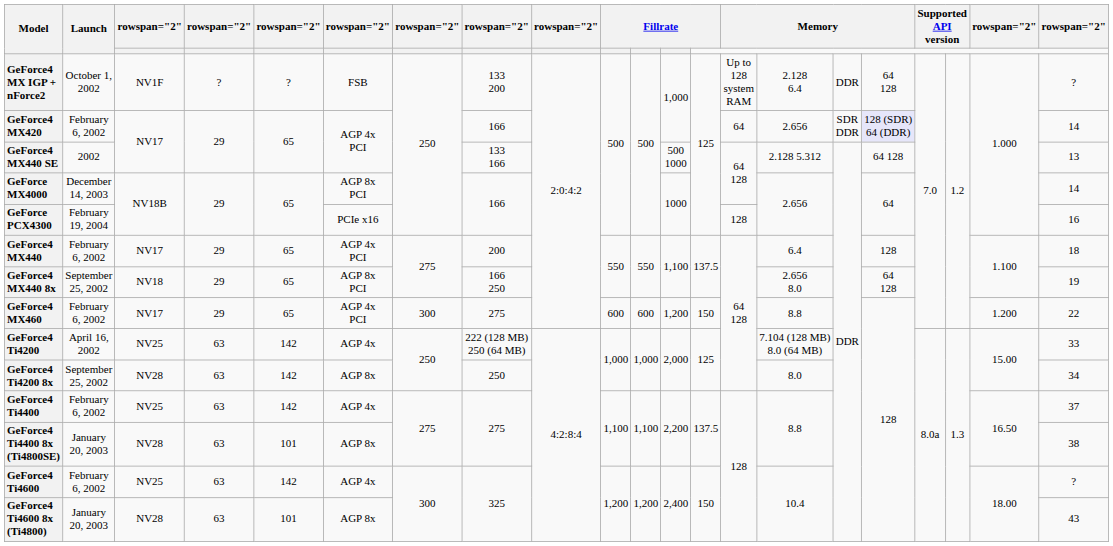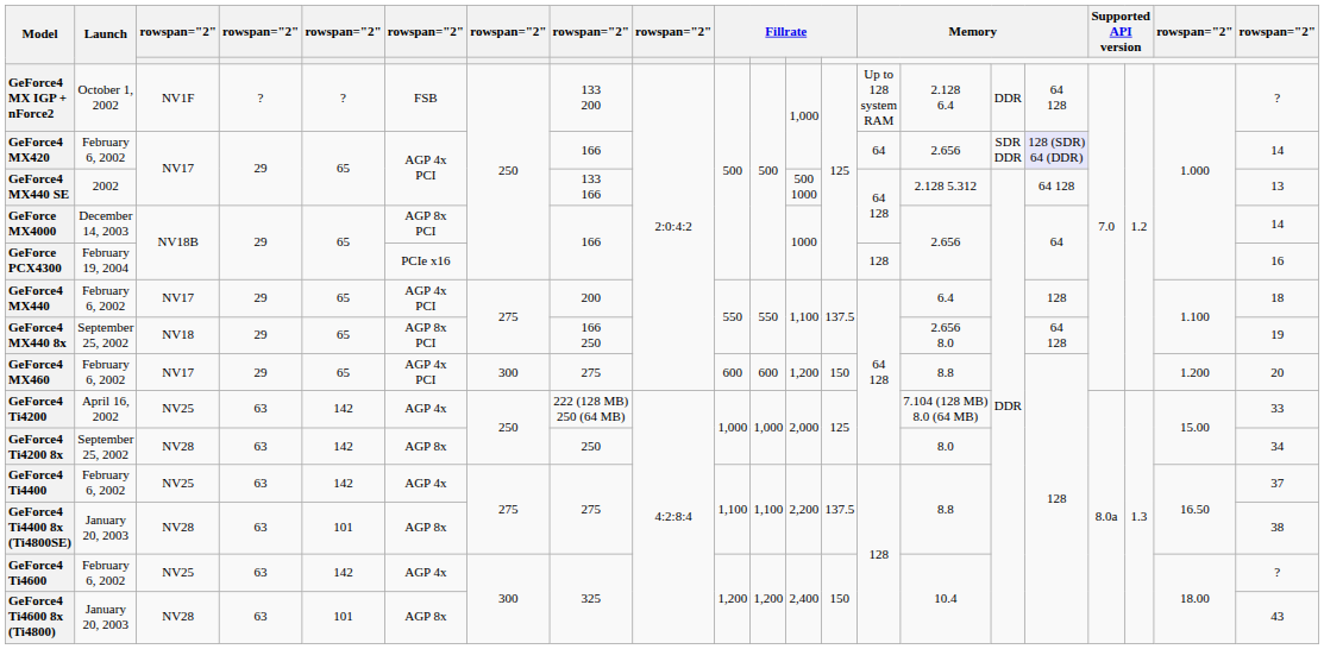 <table class="mw-datatable wikitable sortable" style="font-size:85%; text-align:center;">
 <tr>
 <th rowspan="2">Model</th>
 <th rowspan="2">Launch</th>
 <th>rowspan="2" </th>
 <th>rowspan="2" </th>
 <th>rowspan="2" </th>
 <th>rowspan="2" </th>
 <th>rowspan="2" </th>
 <th>rowspan="2" </th>
 <th>rowspan="2" </th>
 <th colspan="4"><a href='#'>Fillrate</a></th>
 <th colspan="4">Memory</th>
 <th colspan="2">Supported <a href='#'>API</a> version</th>
 <th>rowspan="2" </th>
 <th>rowspan="2" </th>
 </tr>
 <tr>
 <th></th>
 <th></th>
 <th></th>
 <th></th>
 <th></th>
 <th></th>
 <th></th>
 <th></th>
 <th></th>
 <th></th>
 </tr>
 <tr>
 <th style="text-align:left">GeForce4 MX IGP + nForce2</th>
 <td>October 1, 2002</td>
 <td>NV1F</td>
 <td>?</td>
 <td>?</td>
 <td>FSB</td>
 <td rowspan="5">250</td>
 <td>133<br>200</td>
 <td rowspan="8">2:0:4:2</td>
 <td rowspan="5">500</td>
 <td rowspan="5">500</td>
 <td rowspan="2">1,000</td>
 <td rowspan="5">125</td>
 <td>Up to 128 system RAM</td>
 <td>2.128<br>6.4</td>
 <td>DDR</td>
 <td>64<br>128</td>
 <td rowspan="8">7.0</td>
 <td rowspan="8">1.2</td>
 <td rowspan="5">1.000</td>
 <td>?</td>
 </tr>
 <tr>
 <th style="text-align:left">GeForce4 MX420</th>
 <td>February 6, 2002</td>
 <td rowspan="2">NV17</td>
 <td rowspan="2">29</td>
 <td rowspan="2">65</td>
 <td rowspan="2">AGP 4x<br>PCI</td>
 <td>166</td>
 <td>64</td>
 <td>2.656</td>
 <td>SDR<br>DDR</td>
 <td style="background: lavender;">128 (SDR)<br>64 (DDR)</td>
 <td>14</td>
 </tr>
 <tr>
 <th style="text-align:left">GeForce4 MX440 SE</th>
 <td>2002</td>
 <td>133<br>166</td>
 <td>500<br>1000</td>
 <td rowspan="2">64<br>128</td>
 <td>2.128 5.312</td>
 <td rowspan="12">DDR</td>
 <td>64 128</td>
 <td>13</td>
 </tr>
 <tr>
 <th style="text-align:left">GeForce MX4000</th>
 <td>December 14, 2003</td>
 <td rowspan="2">NV18B</td>
 <td rowspan="2">29</td>
 <td rowspan="2">65</td>
 <td>AGP 8x<br>PCI</td>
 <td rowspan="2">166</td>
 <td rowspan="2">1000</td>
 <td rowspan="2">2.656</td>
 <td rowspan="2">64</td>
 <td>14</td>
 </tr>
 <tr>
 <th style="text-align:left">GeForce PCX4300</th>
 <td>February 19, 2004</td>
 <td>PCIe x16</td>
 <td>128</td>
 <td>16</td>
 </tr>
 <tr>
 <th style="text-align:left">GeForce4 MX440</th>
 <td>February 6, 2002</td>
 <td>NV17</td>
 <td>29</td>
 <td>65</td>
 <td>AGP 4x<br>PCI</td>
 <td rowspan="2">275</td>
 <td>200</td>
 <td rowspan="2">550</td>
 <td rowspan="2">550</td>
 <td rowspan="2">1,100</td>
 <td rowspan="2">137.5</td>
 <td rowspan="5">64<br>128</td>
 <td>6.4</td>
 <td>128</td>
 <td rowspan="2">1.100</td>
 <td>18</td>
 </tr>
 <tr>
 <th style="text-align:left">GeForce4 MX440 8x</th>
 <td>September 25, 2002</td>
 <td>NV18</td>
 <td>29</td>
 <td>65</td>
 <td>AGP 8x<br>PCI</td>
 <td>166<br>250</td>
 <td>2.656<br>8.0</td>
 <td>64<br>128</td>
 <td>19</td>
 </tr>
 <tr>
 <th style="text-align:left">GeForce4 MX460</th>
 <td>February 6, 2002</td>
 <td>NV17</td>
 <td>29</td>
 <td>65</td>
 <td>AGP 4x<br>PCI</td>
 <td>300</td>
 <td>275</td>
 <td>600</td>
 <td>600</td>
 <td>1,200</td>
 <td>150</td>
 <td>8.8</td>
 <td rowspan="7">128</td>
 <td>1.200</td>
-<td>22</td>
+<td>20</td>
 </tr>
 <tr>
 <th style="text-align:left">GeForce4 Ti4200</th>
 <td>April 16, 2002</td>
 <td>NV25</td>
 <td>63</td>
 <td>142</td>
 <td>AGP 4x</td>
 <td rowspan="2">250</td>
 <td>222 (128 MB)<br>250 (64 MB)</td>
 <td rowspan="6">4:2:8:4</td>
 <td rowspan="2">1,000</td>
 <td rowspan="2">1,000</td>
 <td rowspan="2">2,000</td>
 <td rowspan="2">125</td>
 <td>7.104 (128 MB)<br>8.0 (64 MB)</td>
 <td rowspan="6">8.0a</td>
 <td rowspan="6">1.3</td>
 <td rowspan="2">15.00</td>
 <td>33</td>
 </tr>
 <tr>
 <th style="text-align:left">GeForce4 Ti4200 8x</th>
 <td>September 25, 2002</td>
 <td>NV28</td>
 <td>63</td>
 <td>142</td>
 <td>AGP 8x</td>
 <td>250</td>
 <td>8.0</td>
 <td>34</td>
 </tr>
 <tr>
 <th style="text-align:left">GeForce4 Ti4400</th>
 <td>February 6, 2002</td>
 <td>NV25</td>
 <td>63</td>
 <td>142</td>
 <td>AGP 4x</td>
 <td rowspan="2">275</td>
 <td rowspan="2">275</td>
 <td rowspan="2">1,100</td>
 <td rowspan="2">1,100</td>
 <td rowspan="2">2,200</td>
 <td rowspan="2">137.5</td>
 <td rowspan="4">128</td>
 <td rowspan="2">8.8</td>
 <td rowspan="2">16.50</td>
 <td>37</td>
 </tr>
 <tr>
 <th style="text-align:left">GeForce4 Ti4400 8x <br>(Ti4800SE)</th>
 <td>January 20, 2003</td>
 <td>NV28</td>
 <td>63</td>
 <td>101</td>
 <td>AGP 8x</td>
 <td>38</td>
 </tr>
 <tr>
 <th style="text-align:left">GeForce4 Ti4600</th>
 <td>February 6, 2002</td>
 <td>NV25</td>
 <td>63</td>
 <td>142</td>
 <td>AGP 4x</td>
 <td rowspan="2">300</td>
 <td rowspan="2">325</td>
 <td rowspan="2">1,200</td>
 <td rowspan="2">1,200</td>
 <td rowspan="2">2,400</td>
 <td rowspan="2">150</td>
 <td rowspan="2">10.4</td>
 <td rowspan="2">18.00</td>
 <td>?</td>
 </tr>
 <tr>
 <th style="text-align:left">GeForce4 Ti4600 8x <br>(Ti4800)</th>
 <td>January 20, 2003</td>
 <td>NV28</td>
 <td>63</td>
 <td>101</td>
 <td>AGP 8x</td>
 <td>43</td>
 </tr>
 </table>
